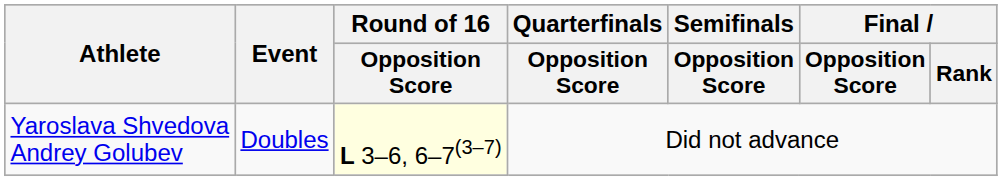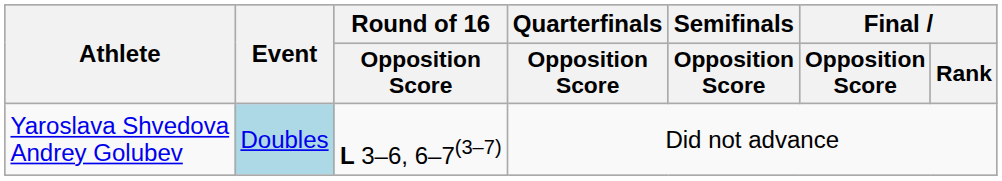 <table class=wikitable style="text-align:center; font-size:90%">
 <tr>
 <th rowspan="2">Athlete</th>
 <th rowspan="2">Event</th>
 <th>Round of 16</th>
 <th>Quarterfinals</th>
 <th>Semifinals</th>
 <th colspan=2>Final / </th>
 </tr>
 <tr style="font-size:95%">
 <th>Opposition<br>Score</th>
 <th>Opposition<br>Score</th>
 <th>Opposition<br>Score</th>
 <th>Opposition<br>Score</th>
 <th>Rank</th>
 </tr>
 <tr>
 <td align=left><a href='#'>Yaroslava Shvedova</a><br><a href='#'>Andrey Golubev</a></td>
-<td align=left><a href='#'>Doubles</a></td>
-<td style="background: lightyellow;"><br> <strong>L</strong> 3–6, 6–7<sup>(3–7)</sup></td>
+<td align=left style="background: lightblue;"><a href='#'>Doubles</a></td>
+<td><br> <strong>L</strong> 3–6, 6–7<sup>(3–7)</sup></td>
 <td colspan=4>Did not advance</td>
 </tr>
 </table>
